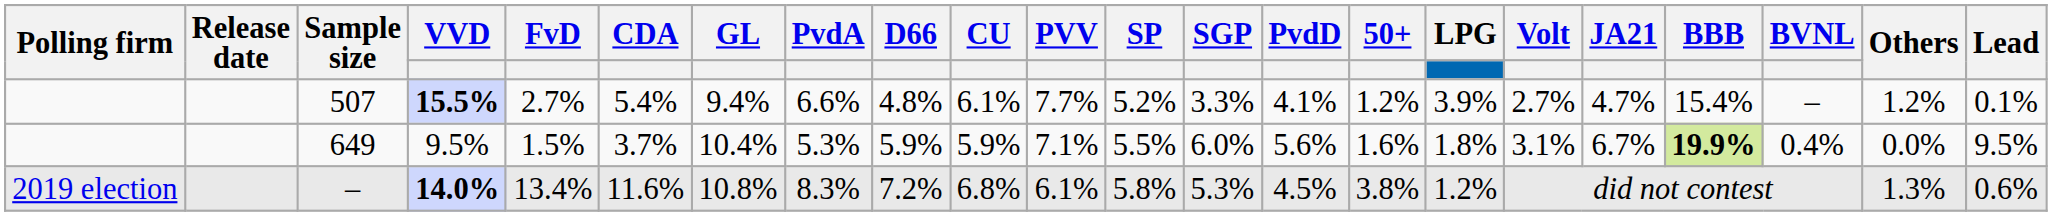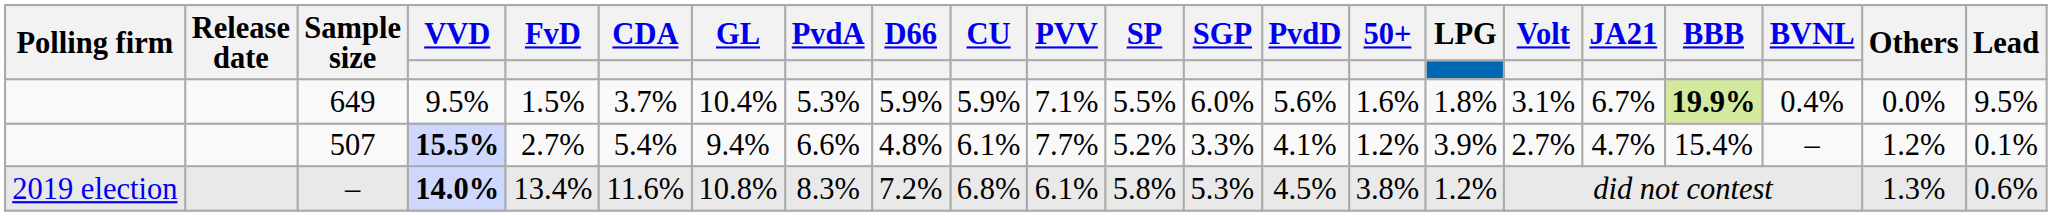 <table class="wikitable sortable tpl-blanktable" style="text-align:center;font-size:90%;line-height:14px;">
 <tr>
 <th rowspan="2">Polling firm</th>
 <th rowspan="2">Release<br>date</th>
 <th rowspan="2">Sample<br>size</th>
 <th class="unsortable" style="width:30px;"><a href='#'>VVD</a></th>
 <th class="unsortable" style="width:30px;"><a href='#'>FvD</a></th>
 <th class="unsortable" style="width:30px;"><a href='#'>CDA</a></th>
 <th class="unsortable" style="width:30px;"><a href='#'>GL</a></th>
 <th class="unsortable" style="width:30px;"><a href='#'>PvdA</a></th>
 <th class="unsortable" style="width:30px;"><a href='#'>D66</a></th>
 <th class="unsortable" style="width:30px;"><a href='#'>CU</a></th>
 <th class="unsortable" style="width:30px;"><a href='#'>PVV</a></th>
 <th class="unsortable" style="width:30px;"><a href='#'>SP</a></th>
 <th class="unsortable" style="width:30px;"><a href='#'>SGP</a></th>
 <th class="unsortable" style="width:30px;"><a href='#'>PvdD</a></th>
 <th class="unsortable" style="width:30px;"><a href='#'>50+</a></th>
 <th class="unsortable" style="width:30px;">LPG </th>
 <th class="unsortable" style="width:30px;"><a href='#'>Volt</a></th>
 <th class="unsortable" style="width:30px;"><a href='#'>JA21</a></th>
 <th class="unsortable" style="width:30px;"><a href='#'>BBB</a></th>
 <th class="unsortable" style="width:30px;"><a href='#'>BVNL</a></th>
 <th class="unsortable" style="width:30px;" rowspan="2">Others</th>
 <th rowspan="2">Lead</th>
 </tr>
 <tr>
 <th data-sort-type="number" style="background:"></th>
 <th data-sort-type="number" style="background:"></th>
 <th data-sort-type="number" style="background:"></th>
 <th data-sort-type="number" style="background:"></th>
 <th data-sort-type="number" style="background:"></th>
 <th data-sort-type="number" style="background:"></th>
 <th data-sort-type="number" style="background:"></th>
 <th data-sort-type="number" style="background:"></th>
 <th data-sort-type="number" style="background:"></th>
 <th data-sort-type="number" style="background:"></th>
 <th data-sort-type="number" style="background:"></th>
 <th data-sort-type="number" style="background:"></th>
 <th data-sort-type="number" style="background:#0068B2;"></th>
 <th data-sort-type="number" style="background:"></th>
 <th data-sort-type="number" style="background:"></th>
 <th data-sort-type="number" style="background:"></th>
 <th data-sort-type="number" style="background:"></th>
 </tr>
 <tr>
 <td></td>
 <td></td>
+<td>649</td>
+<td>9.5%</td>
+<td>1.5%</td>
+<td>3.7%</td>
+<td>10.4%</td>
+<td>5.3%</td>
+<td>5.9%</td>
+<td>5.9%</td>
+<td>7.1%</td>
+<td>5.5%</td>
+<td>6.0%</td>
+<td>5.6%</td>
+<td>1.6%</td>
+<td>1.8%</td>
+<td>3.1%</td>
+<td>6.7%</td>
+<td style="background:#d3ea9e;"><strong>19.9%</strong></td>
+<td>0.4%</td>
+<td>0.0%</td>
+<td style="background:">9.5%</td>
+</tr>
+<tr>
+<td></td>
+<td></td>
 <td>507</td>
 <td style="background:#CED7FD;"><strong>15.5%</strong></td>
 <td>2.7%</td>
 <td>5.4%</td>
 <td>9.4%</td>
 <td>6.6%</td>
 <td>4.8%</td>
 <td>6.1%</td>
 <td>7.7%</td>
 <td>5.2%</td>
 <td>3.3%</td>
 <td>4.1%</td>
 <td>1.2%</td>
 <td>3.9%</td>
 <td>2.7%</td>
 <td>4.7%</td>
 <td>15.4%</td>
 <td>–</td>
 <td>1.2%</td>
 <td style="background:">0.1%</td>
-</tr>
-<tr>
-<td></td>
-<td></td>
-<td>649</td>
-<td>9.5%</td>
-<td>1.5%</td>
-<td>3.7%</td>
-<td>10.4%</td>
-<td>5.3%</td>
-<td>5.9%</td>
-<td>5.9%</td>
-<td>7.1%</td>
-<td>5.5%</td>
-<td>6.0%</td>
-<td>5.6%</td>
-<td>1.6%</td>
-<td>1.8%</td>
-<td>3.1%</td>
-<td>6.7%</td>
-<td style="background:#d3ea9e;"><strong>19.9%</strong></td>
-<td>0.4%</td>
-<td>0.0%</td>
-<td style="background:">9.5%</td>
 </tr>
 <tr style="background:#E9E9E9;">
 <td><a href='#'>2019 election</a></td>
 <td></td>
 <td>–</td>
 <td style="background:#CED7FD;"><strong>14.0%</strong></td>
 <td>13.4%</td>
 <td>11.6%</td>
 <td>10.8%</td>
 <td>8.3%</td>
 <td>7.2%</td>
 <td>6.8%</td>
 <td>6.1%</td>
 <td>5.8%</td>
 <td>5.3%</td>
 <td>4.5%</td>
 <td>3.8%</td>
 <td>1.2%</td>
 <td colspan=4><em>did not contest</em></td>
 <td>1.3%</td>
 <td style="background:">0.6%</td>
 </tr>
 </table>
